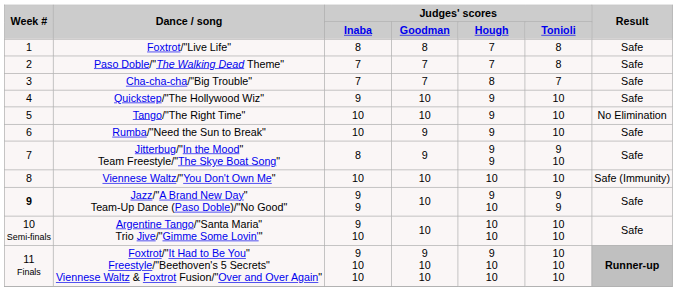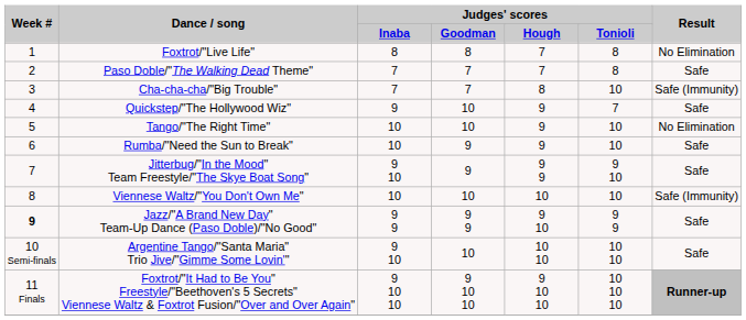 <table class="wikitable" style="float:left;">
 <tr>
 <th rowspan="2" style="background:#CCCCCC;">Week #</th>
 <th rowspan="2" style="background:#CCCCCC;">Dance / song</th>
 <th colspan="4" style="background:#CCCCCC;">Judges' scores</th>
 <th rowspan="2" style="background:#CCCCCC;">Result</th>
 </tr>
 <tr>
 <th style="background:#CCCCCC;" width="10%"><a href='#'>Inaba</a></th>
 <th style="background:#CCCCCC;" width="10%"><a href='#'>Goodman</a></th>
 <th style="background:#CCCCCC;" width="10%"><a href='#'>Hough</a></th>
 <th style="background:#CCCCCC;" width="10%"><a href='#'>Tonioli</a></th>
 </tr>
 <tr align="center" style="background:#FAF6F6;">
 <td align="center" bgcolor="FAF6F6">1</td>
 <td align="center" bgcolor="FAF6F6"><a href='#'>Foxtrot</a>/"Live Life"</td>
 <td align="center" bgcolor="FAF6F6">8</td>
 <td align="center" bgcolor="FAF6F6">8</td>
 <td align="center" bgcolor="FAF6F6">7</td>
 <td align="center" bgcolor="FAF6F6">8</td>
-<td align="center" bgcolor="FAF6F6">Safe</td>
+<td align="center" bgcolor="FAF6F6">No Elimination</td>
 </tr>
 <tr>
 <td align="center" bgcolor="FAF6F6 ">2</td>
 <td align="center" bgcolor="FAF6F6"><a href='#'>Paso Doble</a>/"<em><a href='#'>The Walking Dead</a></em> Theme"</td>
 <td align="center" bgcolor="FAF6F6">7</td>
 <td align="center" bgcolor="FAF6F6">7</td>
 <td align="center" bgcolor="FAF6F6">7</td>
 <td align="center" bgcolor="FAF6F6">8</td>
 <td align="center" bgcolor="FAF6F6">Safe</td>
 </tr>
 <tr>
 <td align="center" bgcolor="FAF6F6 ">3</td>
 <td align="center" bgcolor="FAF6F6"><a href='#'>Cha-cha-cha</a>/"Big Trouble"</td>
 <td align="center" bgcolor="FAF6F6">7</td>
 <td align="center" bgcolor="FAF6F6">7</td>
 <td align="center" bgcolor="FAF6F6">8</td>
-<td align="center" bgcolor="FAF6F6">7</td>
-<td align="center" bgcolor="FAF6F6">Safe</td>
+<td align="center" bgcolor="FAF6F6">10</td>
+<td align="center" bgcolor="FAF6F6">Safe (Immunity)</td>
 </tr>
 <tr>
 <td align="center" bgcolor="FAF6F6 ">4</td>
 <td align="center" bgcolor="FAF6F6"><a href='#'>Quickstep</a>/"The Hollywood Wiz"</td>
 <td align="center" bgcolor="FAF6F6">9</td>
 <td align="center" bgcolor="FAF6F6">10</td>
 <td align="center" bgcolor="FAF6F6">9</td>
-<td align="center" bgcolor="FAF6F6">10</td>
+<td align="center" bgcolor="FAF6F6">7</td>
 <td align="center" bgcolor="FAF6F6">Safe</td>
 </tr>
 <tr>
 <td align="center" bgcolor="FAF6F6 ">5</td>
 <td align="center" bgcolor="FAF6F6"><a href='#'>Tango</a>/"The Right Time"</td>
 <td align="center" bgcolor="FAF6F6">10</td>
 <td align="center" bgcolor="FAF6F6">10</td>
 <td align="center" bgcolor="FAF6F6">9</td>
 <td align="center" bgcolor="FAF6F6">10</td>
 <td align="center" bgcolor="FAF6F6">No Elimination</td>
 </tr>
 <tr>
 <td align="center" bgcolor="FAF6F6 ">6</td>
 <td align="center" bgcolor="FAF6F6"><a href='#'>Rumba</a>/"Need the Sun to Break"</td>
 <td align="center" bgcolor="FAF6F6">10</td>
 <td align="center" bgcolor="FAF6F6">9</td>
 <td align="center" bgcolor="FAF6F6">9</td>
 <td align="center" bgcolor="FAF6F6">10</td>
 <td align="center" bgcolor="FAF6F6">Safe</td>
 </tr>
 <tr>
 <td align="center" bgcolor="FAF6F6 ">7</td>
 <td align="center" bgcolor="FAF6F6"><a href='#'>Jitterbug</a>/"<a href='#'>In the Mood</a>"<br>Team Freestyle/"<a href='#'>The Skye Boat Song</a>"</td>
-<td align="center" bgcolor="FAF6F6">8</td>
+<td align="center" bgcolor="FAF6F6">9<br>10</td>
 <td align="center" bgcolor="FAF6F6">9</td>
 <td align="center" bgcolor="FAF6F6">9<br>9</td>
 <td align="center" bgcolor="FAF6F6">9<br>10</td>
 <td align="center" bgcolor="FAF6F6">Safe</td>
 </tr>
 <tr>
 <td align="center" bgcolor="FAF6F6 ">8</td>
 <td align="center" bgcolor="FAF6F6"><a href='#'>Viennese Waltz</a>/"<a href='#'>You Don't Own Me</a>"</td>
 <td align="center" bgcolor="FAF6F6">10</td>
 <td align="center" bgcolor="FAF6F6">10</td>
 <td align="center" bgcolor="FAF6F6">10</td>
 <td align="center" bgcolor="FAF6F6">10</td>
 <td align="center" bgcolor="FAF6F6">Safe (Immunity)</td>
 </tr>
 <tr>
 <td align="center" bgcolor="FAF6F6 "><strong>9</strong></td>
 <td align="center" bgcolor="FAF6F6"><a href='#'>Jazz</a>/"<a href='#'>A Brand New Day</a>"<br>Team-Up Dance (<a href='#'>Paso Doble</a>)/"No Good"</td>
 <td align="center" bgcolor="FAF6F6">9<br>9</td>
-<td align="center" bgcolor="FAF6F6">10</td>
+<td align="center" bgcolor="FAF6F6">9<br>9</td>
 <td align="center" bgcolor="FAF6F6">9<br>10</td>
 <td align="center" bgcolor="FAF6F6">9<br>9</td>
 <td align="center" bgcolor="FAF6F6">Safe</td>
 </tr>
 <tr>
 <td align="center" bgcolor="FAF6F6 ">10<br><small>Semi-finals</small></td>
 <td align="center" bgcolor="FAF6F6"><a href='#'>Argentine Tango</a>/"Santa Maria"<br>Trio <a href='#'>Jive</a>/"<a href='#'>Gimme Some Lovin'</a>"</td>
 <td align="center" bgcolor="FAF6F6">9<br>10</td>
 <td align="center" bgcolor="FAF6F6">10</td>
 <td align="center" bgcolor="FAF6F6">10<br>10</td>
 <td align="center" bgcolor="FAF6F6">10<br>10</td>
 <td align="center" bgcolor="FAF6F6">Safe</td>
 </tr>
 <tr>
 <td align="center" bgcolor="FAF6F6 ">11<br><small>Finals</small></td>
 <td align="center" bgcolor="FAF6F6"><a href='#'>Foxtrot</a>/"<a href='#'>It Had to Be You</a>"<br><a href='#'>Freestyle</a>/"Beethoven's 5 Secrets"<br><a href='#'>Viennese Waltz</a> & <a href='#'>Foxtrot</a> Fusion/"<a href='#'>Over and Over Again</a>"</td>
 <td align="center" bgcolor="FAF6F6">9<br>10<br>10</td>
 <td align="center" bgcolor="FAF6F6">9<br>10<br>10</td>
 <td align="center" bgcolor="FAF6F6">9<br>10<br>10</td>
 <td align="center" bgcolor="FAF6F6">10<br>10<br>10</td>
 <th style="background:silver;"><strong>Runner-up</strong></th>
 </tr>
 <tr>
 </tr>
 </table>
